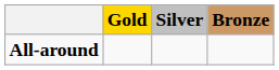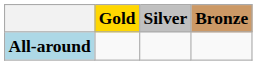 <table class="wikitable">
 <tr>
 <th></th>
 <td align=center bgcolor=gold><strong>Gold</strong></td>
 <td align=center bgcolor=silver><strong>Silver</strong></td>
 <td align=center bgcolor=cc9966><strong>Bronze</strong></td>
 </tr>
 <tr>
-<td><strong>All-around</strong></td>
+<td style="background: lightblue;"><strong>All-around</strong></td>
 <td></td>
 <td></td>
 <td></td>
 </tr>
 </table>
